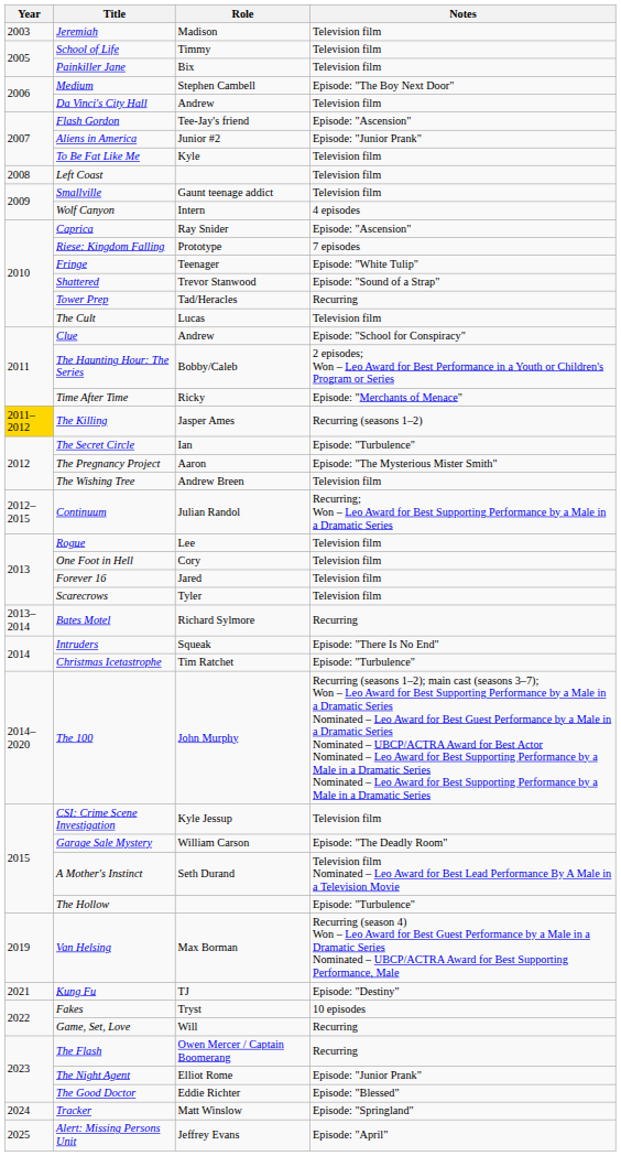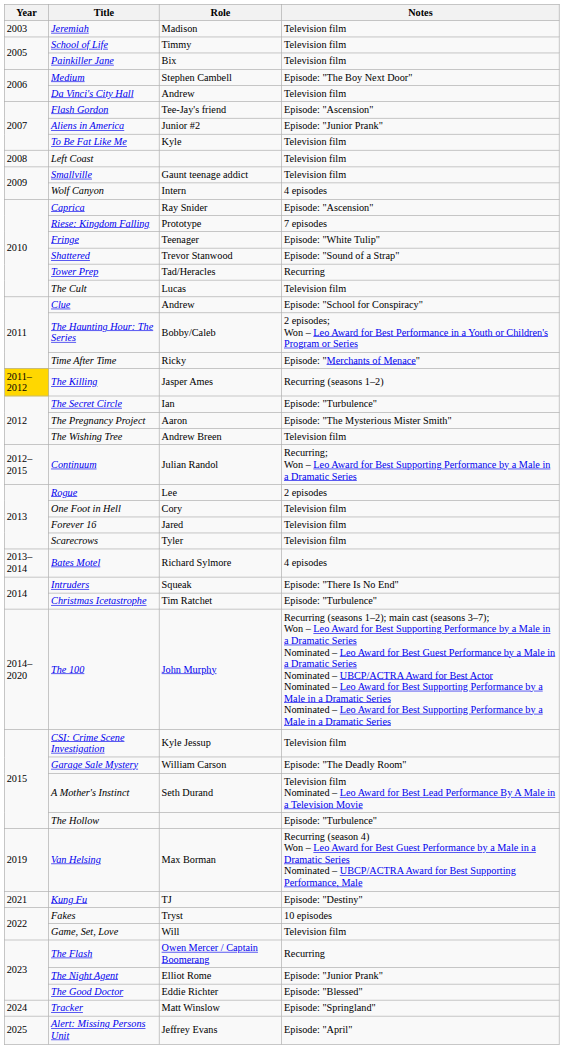 <table class="wikitable sortable">
 <tr>
 <th>Year</th>
 <th>Title</th>
 <th>Role</th>
 <th class="unsortable">Notes</th>
 </tr>
 <tr>
 <td>2003</td>
 <td><em><a href='#'>Jeremiah</a></em></td>
 <td>Madison</td>
 <td>Television film</td>
 </tr>
 <tr>
 <td rowspan="2">2005</td>
 <td><em><a href='#'>School of Life</a></em></td>
 <td>Timmy</td>
 <td>Television film</td>
 </tr>
 <tr>
 <td><em><a href='#'>Painkiller Jane</a></em></td>
 <td>Bix</td>
 <td>Television film</td>
 </tr>
 <tr>
 <td rowspan="2">2006</td>
 <td><em><a href='#'>Medium</a></em></td>
 <td>Stephen Cambell</td>
 <td>Episode: "The Boy Next Door"</td>
 </tr>
 <tr>
 <td><em><a href='#'>Da Vinci's City Hall</a></em></td>
 <td>Andrew</td>
 <td>Television film</td>
 </tr>
 <tr>
 <td rowspan="3">2007</td>
 <td><em><a href='#'>Flash Gordon</a></em></td>
 <td>Tee-Jay's friend</td>
 <td>Episode: "Ascension"</td>
 </tr>
 <tr>
 <td><em><a href='#'>Aliens in America</a></em></td>
 <td>Junior #2</td>
 <td>Episode: "Junior Prank"</td>
 </tr>
 <tr>
 <td><em><a href='#'>To Be Fat Like Me</a></em></td>
 <td>Kyle</td>
 <td>Television film</td>
 </tr>
 <tr>
 <td>2008</td>
 <td><em>Left Coast</em></td>
 <td></td>
 <td>Television film</td>
 </tr>
 <tr>
 <td rowspan="2">2009</td>
 <td><em><a href='#'>Smallville</a></em></td>
 <td>Gaunt teenage addict</td>
 <td>Television film</td>
 </tr>
 <tr>
 <td><em>Wolf Canyon</em></td>
 <td>Intern</td>
 <td>4 episodes</td>
 </tr>
 <tr>
 <td rowspan="6">2010</td>
 <td><em><a href='#'>Caprica</a></em></td>
 <td>Ray Snider</td>
 <td>Episode: "Ascension"</td>
 </tr>
 <tr>
 <td><em><a href='#'>Riese: Kingdom Falling</a></em></td>
 <td>Prototype</td>
 <td>7 episodes</td>
 </tr>
 <tr>
 <td><em><a href='#'>Fringe</a></em></td>
 <td>Teenager</td>
 <td>Episode: "White Tulip"</td>
 </tr>
 <tr>
 <td><em><a href='#'>Shattered</a></em></td>
 <td>Trevor Stanwood</td>
 <td>Episode: "Sound of a Strap"</td>
 </tr>
 <tr>
 <td><em><a href='#'>Tower Prep</a></em></td>
 <td>Tad/Heracles</td>
 <td>Recurring</td>
 </tr>
 <tr>
 <td data-sort-value="Cult, The"><em>The Cult</em></td>
 <td>Lucas</td>
 <td>Television film</td>
 </tr>
 <tr>
 <td rowspan="3">2011</td>
 <td><em><a href='#'>Clue</a></em></td>
 <td>Andrew</td>
 <td>Episode: "School for Conspiracy"</td>
 </tr>
 <tr>
 <td data-sort-value="Haunting Hour: The Series, The"><em><a href='#'>The Haunting Hour: The Series</a></em></td>
 <td>Bobby/Caleb</td>
 <td>2 episodes;<br>Won – <a href='#'>Leo Award for Best Performance in a Youth or Children's Program or Series</a> </td>
 </tr>
 <tr>
 <td><em>Time After Time</em></td>
 <td>Ricky</td>
 <td>Episode: "<a href='#'>Merchants of Menace</a>"</td>
 </tr>
 <tr>
 <td style="background: gold;">2011–2012</td>
 <td data-sort-value="Killing, The"><em><a href='#'>The Killing</a></em></td>
 <td>Jasper Ames</td>
 <td>Recurring (seasons 1–2)</td>
 </tr>
 <tr>
 <td rowspan="3">2012</td>
 <td data-sort-value="Secret Circle, The"><em><a href='#'>The Secret Circle</a></em></td>
 <td>Ian</td>
 <td>Episode: "Turbulence"</td>
 </tr>
 <tr>
 <td data-sort-value="Pregnancy Project, The"><em>The Pregnancy Project</em></td>
 <td>Aaron</td>
 <td>Episode: "The Mysterious Mister Smith"</td>
 </tr>
 <tr>
 <td data-sort-value="Wishing Tree, The"><em>The Wishing Tree</em></td>
 <td>Andrew Breen</td>
 <td>Television film</td>
 </tr>
 <tr>
 <td>2012–2015</td>
 <td><em><a href='#'>Continuum</a></em></td>
 <td>Julian Randol</td>
 <td>Recurring;<br>Won – <a href='#'>Leo Award for Best Supporting Performance by a Male in a Dramatic Series</a> </td>
 </tr>
 <tr>
 <td rowspan="4">2013</td>
 <td><em><a href='#'>Rogue</a></em></td>
 <td>Lee</td>
-<td>Television film</td>
+<td>2 episodes</td>
 </tr>
 <tr>
 <td><em>One Foot in Hell</em></td>
 <td>Cory</td>
 <td>Television film</td>
 </tr>
 <tr>
 <td><em>Forever 16</em></td>
 <td>Jared</td>
 <td>Television film</td>
 </tr>
 <tr>
 <td><em>Scarecrows</em></td>
 <td>Tyler</td>
 <td>Television film</td>
 </tr>
 <tr>
 <td>2013–2014</td>
 <td><em><a href='#'>Bates Motel</a></em></td>
 <td>Richard Sylmore</td>
-<td>Recurring</td>
+<td>4 episodes</td>
 </tr>
 <tr>
 <td rowspan="2">2014</td>
 <td><em><a href='#'>Intruders</a></em></td>
 <td>Squeak</td>
 <td>Episode: "There Is No End"</td>
 </tr>
 <tr>
 <td><em><a href='#'>Christmas Icetastrophe</a></em></td>
 <td>Tim Ratchet</td>
 <td>Episode: "Turbulence"</td>
 </tr>
 <tr>
 <td>2014–2020</td>
 <td data-sort-value="Hundred, The"><em><a href='#'>The 100</a></em></td>
 <td><a href='#'>John Murphy</a></td>
 <td>Recurring (seasons 1–2); main cast (seasons 3–7);<br>Won – <a href='#'>Leo Award for Best Supporting Performance by a Male in a Dramatic Series</a>   <br>Nominated –  <a href='#'>Leo Award for Best Guest Performance by a Male in a Dramatic Series</a>  <br>Nominated – <a href='#'>UBCP/ACTRA Award for Best Actor</a>  <br>Nominated – <a href='#'>Leo Award for Best Supporting Performance by a Male in a Dramatic Series</a>  <br>Nominated – <a href='#'>Leo Award for Best Supporting Performance by a Male in a Dramatic Series</a> </td>
 </tr>
 <tr>
 <td rowspan="4">2015</td>
 <td><em><a href='#'>CSI: Crime Scene Investigation</a></em></td>
 <td>Kyle Jessup</td>
 <td>Television film</td>
 </tr>
 <tr>
 <td><em><a href='#'>Garage Sale Mystery</a></em></td>
 <td>William Carson</td>
 <td>Episode: "The Deadly Room"</td>
 </tr>
 <tr>
 <td data-sort-value="Mother's Instinct, A"><em>A Mother's Instinct</em></td>
 <td>Seth Durand</td>
 <td>Television film <br>Nominated –  <a href='#'>Leo Award for Best Lead Performance By A Male in a Television Movie</a> </td>
 </tr>
 <tr>
 <td data-sort-value="Hollow, The"><em>The Hollow</em></td>
 <td></td>
 <td>Episode: "Turbulence"</td>
 </tr>
 <tr>
 <td>2019</td>
 <td><em><a href='#'>Van Helsing</a></em></td>
 <td>Max Borman</td>
 <td>Recurring (season 4) <br>Won – <a href='#'>Leo Award for Best Guest Performance by a Male in a Dramatic Series</a>  <br>Nominated – <a href='#'>UBCP/ACTRA Award for Best Supporting Performance, Male</a> </td>
 </tr>
 <tr>
 <td>2021</td>
 <td><em><a href='#'>Kung Fu</a></em></td>
 <td>TJ</td>
 <td>Episode: "Destiny"</td>
 </tr>
 <tr>
 <td rowspan="2">2022</td>
 <td><em>Fakes</em></td>
 <td>Tryst</td>
 <td>10 episodes</td>
 </tr>
 <tr>
 <td><em>Game, Set, Love</em></td>
 <td>Will</td>
-<td>Recurring</td>
+<td>Television film</td>
 </tr>
 <tr>
 <td rowspan="3">2023</td>
 <td data-sort-value="Flash, The"><em><a href='#'>The Flash</a></em></td>
 <td><a href='#'>Owen Mercer / Captain Boomerang</a></td>
 <td>Recurring</td>
 </tr>
 <tr>
 <td data-sort-value="Night Agent, The"><em><a href='#'>The Night Agent</a></em></td>
 <td>Elliot Rome</td>
 <td>Episode: "Junior Prank"</td>
 </tr>
 <tr>
 <td data-sort-value="Good Doctor, The"><em><a href='#'>The Good Doctor</a></em></td>
 <td>Eddie Richter</td>
 <td>Episode: "Blessed"</td>
 </tr>
 <tr>
 <td>2024</td>
 <td><em><a href='#'>Tracker</a></em></td>
 <td>Matt Winslow</td>
 <td>Episode: "Springland"</td>
 </tr>
 <tr>
 <td>2025</td>
 <td><em><a href='#'>Alert: Missing Persons Unit</a></em></td>
 <td>Jeffrey Evans</td>
 <td>Episode: "April"</td>
 </tr>
 </table>
